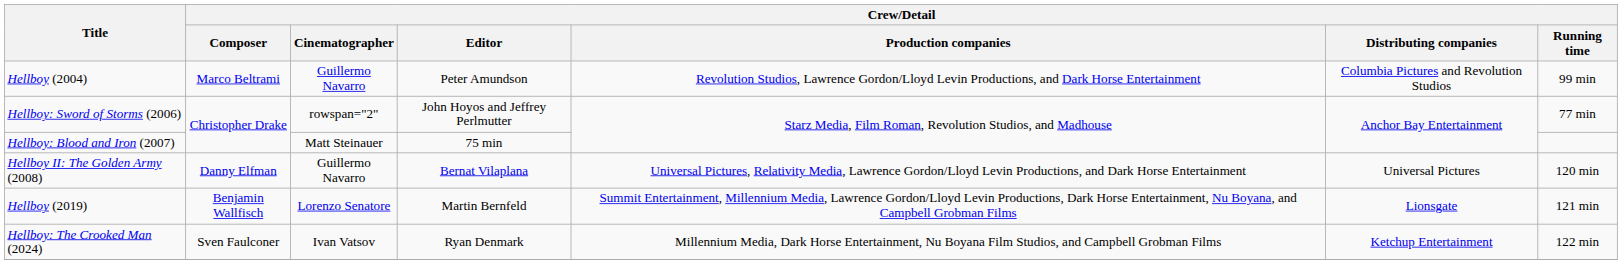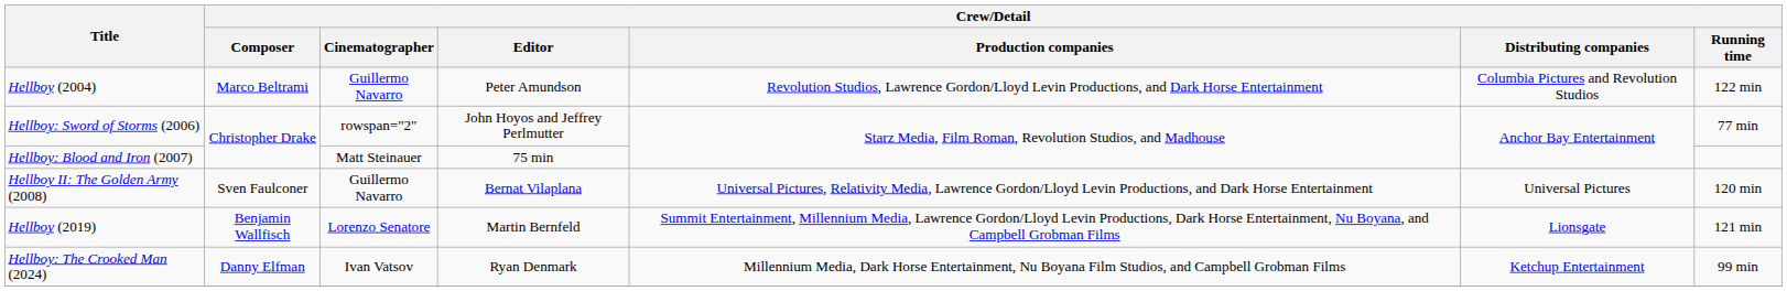 <table class="wikitable plainrowheaders" style="text-align:center">
 <tr>
 <th rowspan="2">Title</th>
 <th colspan="7">Crew/Detail</th>
 </tr>
 <tr>
 <th>Composer</th>
 <th>Cinematographer</th>
 <th>Editor</th>
 <th>Production companies</th>
 <th>Distributing companies</th>
 <th>Running time</th>
 </tr>
 <tr>
 <td style="text-align:left"><em><a href='#'>Hellboy</a></em> (2004)</td>
 <td><a href='#'>Marco Beltrami</a></td>
 <td><a href='#'>Guillermo Navarro</a></td>
 <td>Peter Amundson</td>
 <td><a href='#'>Revolution Studios</a>, Lawrence Gordon/Lloyd Levin Productions, and <a href='#'>Dark Horse Entertainment</a></td>
 <td><a href='#'>Columbia Pictures</a> and Revolution Studios</td>
-<td>99 min</td>
+<td>122 min</td>
 </tr>
 <tr>
 <td style="text-align:left"><em><a href='#'>Hellboy: Sword of Storms</a></em> (2006)</td>
 <td rowspan="2"><a href='#'>Christopher Drake</a></td>
 <td>rowspan="2" </td>
 <td>John Hoyos and Jeffrey Perlmutter</td>
 <td rowspan="2"><a href='#'>Starz Media</a>, <a href='#'>Film Roman</a>, Revolution Studios, and <a href='#'>Madhouse</a></td>
 <td rowspan="2"><a href='#'>Anchor Bay Entertainment</a></td>
 <td>77 min</td>
 </tr>
 <tr>
 <td style="text-align:left"><em><a href='#'>Hellboy: Blood and Iron</a></em> (2007)</td>
 <td>Matt Steinauer</td>
 <td>75 min</td>
 </tr>
 <tr>
 <td style="text-align:left"><em><a href='#'>Hellboy II: The Golden Army</a></em> (2008)</td>
-<td><a href='#'>Danny Elfman</a></td>
+<td>Sven Faulconer</td>
 <td>Guillermo Navarro</td>
 <td><a href='#'>Bernat Vilaplana</a></td>
 <td><a href='#'>Universal Pictures</a>, <a href='#'>Relativity Media</a>, Lawrence Gordon/Lloyd Levin Productions, and Dark Horse Entertainment</td>
 <td>Universal Pictures</td>
 <td>120 min</td>
 </tr>
 <tr>
 <td style="text-align:left"><em><a href='#'>Hellboy</a></em> (2019)</td>
 <td><a href='#'>Benjamin Wallfisch</a></td>
 <td><a href='#'>Lorenzo Senatore</a></td>
 <td>Martin Bernfeld</td>
 <td><a href='#'>Summit Entertainment</a>, <a href='#'>Millennium Media</a>, Lawrence Gordon/Lloyd Levin Productions, Dark Horse Entertainment, <a href='#'>Nu Boyana</a>, and <a href='#'>Campbell Grobman Films</a></td>
 <td><a href='#'>Lionsgate</a></td>
 <td>121 min</td>
 </tr>
 <tr>
 <td style="text-align:left"><em><a href='#'>Hellboy: The Crooked Man</a></em> (2024)</td>
-<td>Sven Faulconer</td>
+<td><a href='#'>Danny Elfman</a></td>
 <td>Ivan Vatsov</td>
 <td>Ryan Denmark</td>
 <td>Millennium Media, Dark Horse Entertainment, Nu Boyana Film Studios, and Campbell Grobman Films</td>
 <td><a href='#'>Ketchup Entertainment</a></td>
-<td>122 min</td>
+<td>99 min</td>
 </tr>
 <tr>
 </tr>
 </table>
